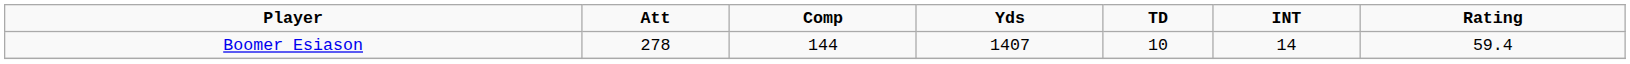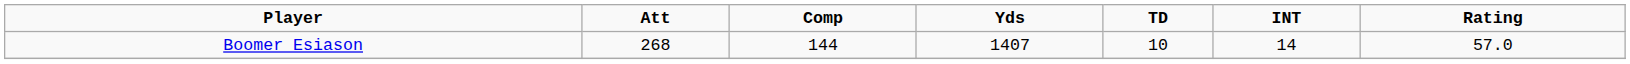 <table class="wikitable" width="80%">
 <tr align="center">
 <td><strong>Player</strong></td>
 <td><strong>Att</strong></td>
 <td><strong>Comp</strong></td>
 <td><strong>Yds</strong></td>
 <td><strong>TD</strong></td>
 <td><strong>INT</strong></td>
 <td><strong>Rating</strong></td>
 </tr>
 <tr align="center" bgcolor="">
 <td><a href='#'>Boomer Esiason</a></td>
-<td>278</td>
+<td>268</td>
 <td>144</td>
 <td>1407</td>
 <td>10</td>
 <td>14</td>
-<td>59.4</td>
+<td>57.0</td>
 </tr>
 <tr align="center" bgcolor="">
 </tr>
 </table>
